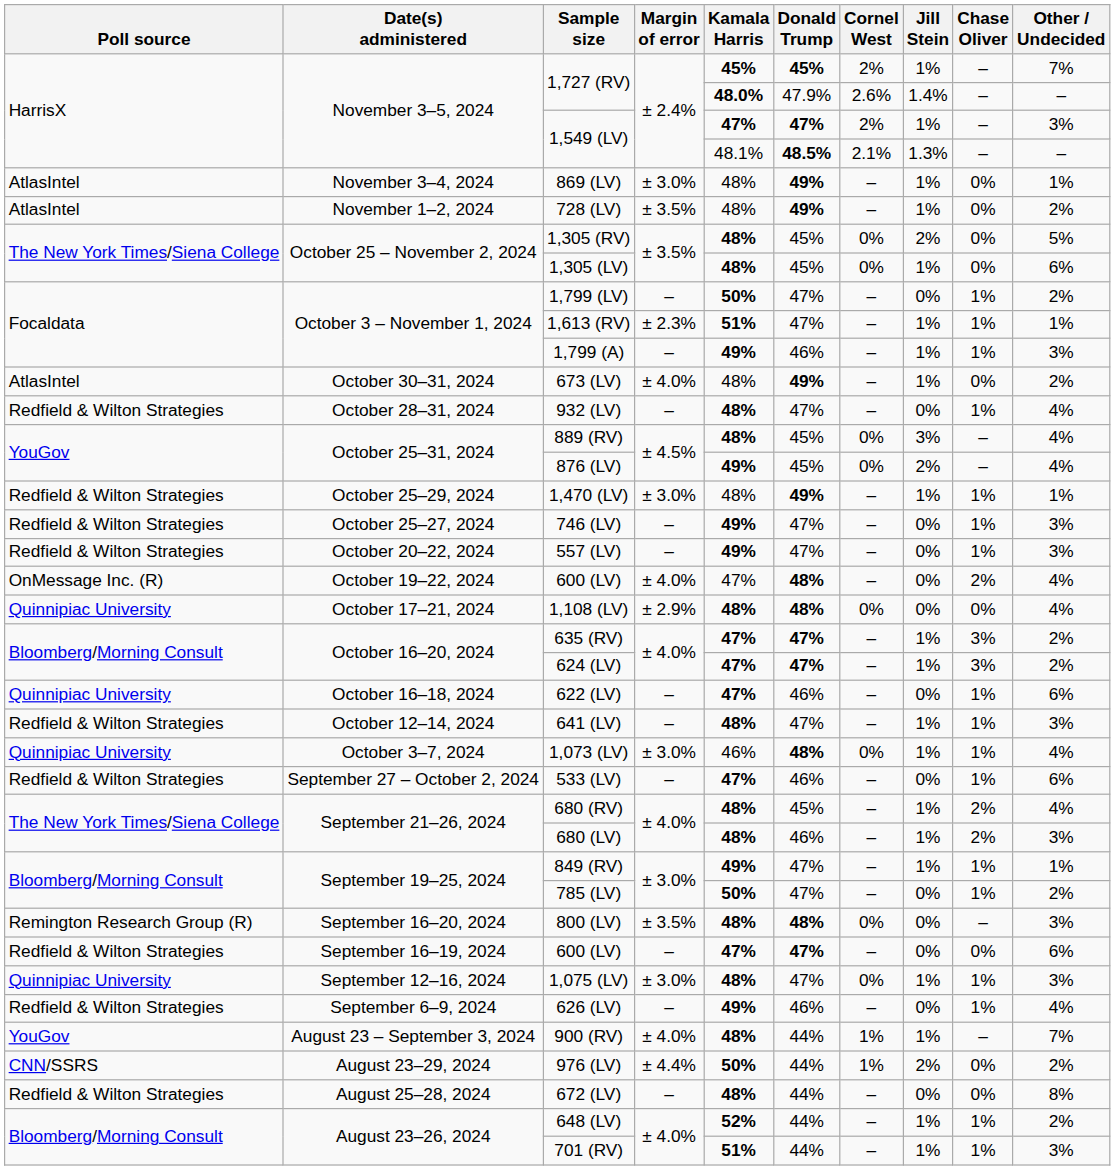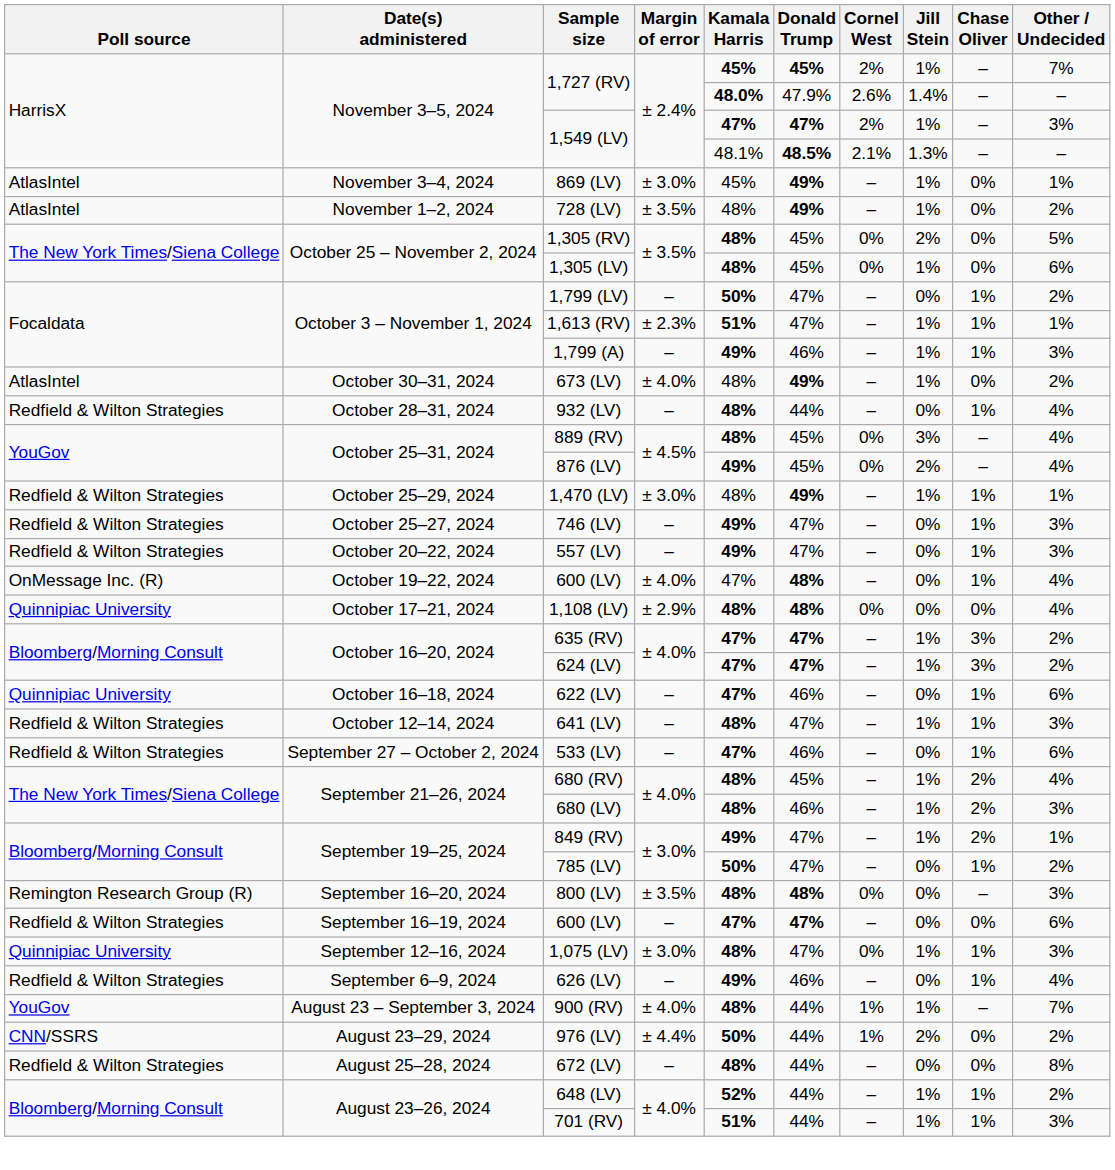 <table class="wikitable sortable mw-datatable" style="font-size:90%;text-align:center;line-height:17px">
 <tr valign=bottom>
 <th>Poll source</th>
 <th>Date(s)<br>administered</th>
 <th>Sample<br>size</th>
 <th>Margin<br>of error</th>
 <th class="unsortable">Kamala<br>Harris<br></th>
 <th class="unsortable">Donald<br>Trump<br></th>
 <th class="unsortable">Cornel<br>West<br></th>
 <th class="unsortable">Jill<br>Stein<br></th>
 <th class="unsortable">Chase<br>Oliver<br></th>
 <th class="unsortable">Other /<br>Undecided</th>
 </tr>
 <tr>
 <td style="text-align:left;" rowspan="4">HarrisX</td>
 <td rowspan="4">November 3–5, 2024</td>
 <td rowspan="2">1,727 (RV)</td>
 <td rowspan="4">± 2.4%</td>
 <td><strong>45%</strong></td>
 <td><strong>45%</strong></td>
 <td>2%</td>
 <td>1%</td>
 <td>–</td>
 <td>7%</td>
 </tr>
 <tr>
 <td style="color:black;background-color:"><strong>48.0%</strong></td>
 <td>47.9%</td>
 <td>2.6%</td>
 <td>1.4%</td>
 <td>–</td>
 <td>–</td>
 </tr>
 <tr>
 <td rowspan="2">1,549 (LV)</td>
 <td><strong>47%</strong></td>
 <td><strong>47%</strong></td>
 <td>2%</td>
 <td>1%</td>
 <td>–</td>
 <td>3%</td>
 </tr>
 <tr>
 <td>48.1%</td>
 <td style="color:black;background-color:"><strong>48.5%</strong></td>
 <td>2.1%</td>
 <td>1.3%</td>
 <td>–</td>
 <td>–</td>
 </tr>
 <tr>
 <td style="text-align:left;">AtlasIntel</td>
 <td data-sort-value="2024-11-04">November 3–4, 2024</td>
 <td>869 (LV)</td>
 <td>± 3.0%</td>
-<td>48%</td>
+<td>45%</td>
 <td style="background-color:"><strong>49%</strong></td>
 <td>–</td>
 <td>1%</td>
 <td>0%</td>
 <td>1%</td>
 </tr>
 <tr>
 <td style="text-align:left;">AtlasIntel</td>
 <td data-sort-value="2024-11-02">November 1–2, 2024</td>
 <td>728 (LV)</td>
 <td>± 3.5%</td>
 <td>48%</td>
 <td style="background-color:"><strong>49%</strong></td>
 <td>–</td>
 <td>1%</td>
 <td>0%</td>
 <td>2%</td>
 </tr>
 <tr>
 <td style="text-align:left;" rowspan="2"><a href='#'>The New York Times</a>/<a href='#'>Siena College</a></td>
 <td rowspan="2">October 25 – November 2, 2024</td>
 <td>1,305 (RV)</td>
 <td rowspan="2">± 3.5%</td>
 <td style="color:black;background-color:"><strong>48%</strong></td>
 <td>45%</td>
 <td>0%</td>
 <td>2%</td>
 <td>0%</td>
 <td>5%</td>
 </tr>
 <tr>
 <td>1,305 (LV)</td>
 <td style="color:black;background-color:"><strong>48%</strong></td>
 <td>45%</td>
 <td>0%</td>
 <td>1%</td>
 <td>0%</td>
 <td>6%</td>
 </tr>
 <tr>
 <td style="text-align:left;" rowspan="3">Focaldata</td>
 <td rowspan="3">October 3 – November 1, 2024</td>
 <td>1,799 (LV)</td>
 <td>–</td>
 <td style="background-color:"><strong>50%</strong></td>
 <td>47%</td>
 <td>–</td>
 <td>0%</td>
 <td>1%</td>
 <td>2%</td>
 </tr>
 <tr>
 <td>1,613 (RV)</td>
 <td>± 2.3%</td>
 <td style="background-color:"><strong>51%</strong></td>
 <td>47%</td>
 <td>–</td>
 <td>1%</td>
 <td>1%</td>
 <td>1%</td>
 </tr>
 <tr>
 <td>1,799 (A)</td>
 <td>–</td>
 <td style="background-color:"><strong>49%</strong></td>
 <td>46%</td>
 <td>–</td>
 <td>1%</td>
 <td>1%</td>
 <td>3%</td>
 </tr>
 <tr>
 <td style="text-align:left;">AtlasIntel</td>
 <td data-sort-value="2024-10-29">October 30–31, 2024</td>
 <td>673 (LV)</td>
 <td>± 4.0%</td>
 <td>48%</td>
 <td style="background-color:"><strong>49%</strong></td>
 <td>–</td>
 <td>1%</td>
 <td>0%</td>
 <td>2%</td>
 </tr>
 <tr>
 <td style="text-align:left;">Redfield & Wilton Strategies</td>
 <td data-sort-value="2024-10-31">October 28–31, 2024</td>
 <td>932 (LV)</td>
 <td>–</td>
 <td style="color:black;background-color:"><strong>48%</strong></td>
-<td>47%</td>
+<td>44%</td>
 <td>–</td>
 <td>0%</td>
 <td>1%</td>
 <td>4%</td>
 </tr>
 <tr>
 <td style="text-align:left;" rowspan="2"><a href='#'>YouGov</a></td>
 <td rowspan="2">October 25–31, 2024</td>
 <td>889 (RV)</td>
 <td rowspan="2">± 4.5%</td>
 <td style="color:black;background-color:"><strong>48%</strong></td>
 <td>45%</td>
 <td>0%</td>
 <td>3%</td>
 <td>–</td>
 <td>4%</td>
 </tr>
 <tr>
 <td>876 (LV)</td>
 <td style="color:black;background-color:"><strong>49%</strong></td>
 <td>45%</td>
 <td>0%</td>
 <td>2%</td>
 <td>–</td>
 <td>4%</td>
 </tr>
 <tr>
 <td style="text-align:left;">Redfield & Wilton Strategies</td>
 <td data-sort-value="2024-10-29">October 25–29, 2024</td>
 <td>1,470 (LV)</td>
 <td>± 3.0%</td>
 <td>48%</td>
 <td style="background-color:"><strong>49%</strong></td>
 <td>–</td>
 <td>1%</td>
 <td>1%</td>
 <td>1%</td>
 </tr>
 <tr>
 <td style="text-align:left;">Redfield & Wilton Strategies</td>
 <td data-sort-value="2024-10-27">October 25–27, 2024</td>
 <td>746 (LV)</td>
 <td>–</td>
 <td style="color:black;background-color:"><strong>49%</strong></td>
 <td>47%</td>
 <td>–</td>
 <td>0%</td>
 <td>1%</td>
 <td>3%</td>
 </tr>
 <tr>
 <td style="text-align:left;">Redfield & Wilton Strategies</td>
 <td data-sort-value="2024-10-22">October 20–22, 2024</td>
 <td>557 (LV)</td>
 <td>–</td>
 <td style="color:black;background-color:"><strong>49%</strong></td>
 <td>47%</td>
 <td>–</td>
 <td>0%</td>
 <td>1%</td>
 <td>3%</td>
 </tr>
 <tr>
 <td style="text-align:left;">OnMessage Inc. (R)</td>
 <td data-sort-value="2024-10-22">October 19–22, 2024</td>
 <td>600 (LV)</td>
 <td>± 4.0%</td>
 <td>47%</td>
 <td style="background-color:"><strong>48%</strong></td>
 <td>–</td>
 <td>0%</td>
-<td>2%</td>
+<td>1%</td>
 <td>4%</td>
 </tr>
 <tr>
 <td style="text-align:left;"><a href='#'>Quinnipiac University</a></td>
 <td data-sort-value="2024-10-21">October 17–21, 2024</td>
 <td>1,108 (LV)</td>
 <td>± 2.9%</td>
 <td><strong>48%</strong></td>
 <td><strong>48%</strong></td>
 <td>0%</td>
 <td>0%</td>
 <td>0%</td>
 <td>4%</td>
 </tr>
 <tr>
 <td rowspan="2" style="text-align:left;"><a href='#'>Bloomberg</a>/<a href='#'>Morning Consult</a></td>
 <td rowspan="2">October 16–20, 2024</td>
 <td>635 (RV)</td>
 <td rowspan="2">± 4.0%</td>
 <td><strong>47%</strong></td>
 <td><strong>47%</strong></td>
 <td>–</td>
 <td>1%</td>
 <td>3%</td>
 <td>2%</td>
 </tr>
 <tr>
 <td>624 (LV)</td>
 <td><strong>47%</strong></td>
 <td><strong>47%</strong></td>
 <td>–</td>
 <td>1%</td>
 <td>3%</td>
 <td>2%</td>
 </tr>
 <tr>
 <td style="text-align:left;"><a href='#'>Quinnipiac University</a></td>
 <td data-sort-value="2024-10-18">October 16–18, 2024</td>
 <td>622 (LV)</td>
 <td>–</td>
 <td style="color:black;background-color:"><strong>47%</strong></td>
 <td>46%</td>
 <td>–</td>
 <td>0%</td>
 <td>1%</td>
 <td>6%</td>
 </tr>
 <tr>
 <td style="text-align:left;">Redfield & Wilton Strategies</td>
 <td data-sort-value="2024-10-14">October 12–14, 2024</td>
 <td>641 (LV)</td>
 <td>–</td>
 <td style="color:black;background-color:"><strong>48%</strong></td>
 <td>47%</td>
 <td>–</td>
 <td>1%</td>
 <td>1%</td>
 <td>3%</td>
 </tr>
 <tr>
-<td style="text-align:left;"><a href='#'>Quinnipiac University</a></td>
-<td data-sort-value="2024-10-07">October 3–7, 2024</td>
-<td>1,073 (LV)</td>
-<td>± 3.0%</td>
-<td>46%</td>
-<td style="background-color:"><strong>48%</strong></td>
-<td>0%</td>
-<td>1%</td>
-<td>1%</td>
-<td>4%</td>
-</tr>
-<tr>
 <td style="text-align:left;">Redfield & Wilton Strategies</td>
 <td data-sort-value="2024-10-02">September 27 – October 2, 2024</td>
 <td>533 (LV)</td>
 <td>–</td>
 <td style="color:black;background-color:"><strong>47%</strong></td>
 <td>46%</td>
 <td>–</td>
 <td>0%</td>
 <td>1%</td>
 <td>6%</td>
 </tr>
 <tr>
 <td style="text-align:left;" rowspan="2"><a href='#'>The New York Times</a>/<a href='#'>Siena College</a></td>
 <td rowspan="2">September 21–26, 2024</td>
 <td>680 (RV)</td>
 <td rowspan="2">± 4.0%</td>
 <td style="color:black;background-color:"><strong>48%</strong></td>
 <td>45%</td>
 <td>–</td>
 <td>1%</td>
 <td>2%</td>
 <td>4%</td>
 </tr>
 <tr>
 <td>680 (LV)</td>
 <td style="color:black;background-color:"><strong>48%</strong></td>
 <td>46%</td>
 <td>–</td>
 <td>1%</td>
 <td>2%</td>
 <td>3%</td>
 </tr>
 <tr>
 <td rowspan="2" style="text-align:left;"><a href='#'>Bloomberg</a>/<a href='#'>Morning Consult</a></td>
 <td rowspan="2">September 19–25, 2024</td>
 <td>849 (RV)</td>
 <td rowspan="2">± 3.0%</td>
 <td style="color:black;background-color:"><strong>49%</strong></td>
 <td>47%</td>
 <td>–</td>
 <td>1%</td>
-<td>1%</td>
+<td>2%</td>
 <td>1%</td>
 </tr>
 <tr>
 <td>785 (LV)</td>
 <td style="color:black;background-color:"><strong>50%</strong></td>
 <td>47%</td>
 <td>–</td>
 <td>0%</td>
 <td>1%</td>
 <td>2%</td>
 </tr>
 <tr>
 <td style="text-align:left;">Remington Research Group (R)</td>
 <td data-sort-value="2024-09-20">September 16–20, 2024</td>
 <td>800 (LV)</td>
 <td>± 3.5%</td>
 <td><strong>48%</strong></td>
 <td><strong>48%</strong></td>
 <td>0%</td>
 <td>0%</td>
 <td>–</td>
 <td>3%</td>
 </tr>
 <tr>
 <td style="text-align:left;">Redfield & Wilton Strategies</td>
 <td data-sort-value="2024-09-19">September 16–19, 2024</td>
 <td>600 (LV)</td>
 <td>–</td>
 <td><strong>47%</strong></td>
 <td><strong>47%</strong></td>
 <td>–</td>
 <td>0%</td>
 <td>0%</td>
 <td>6%</td>
 </tr>
 <tr>
 <td style="text-align:left;"><a href='#'>Quinnipiac University</a></td>
 <td data-sort-value="2024-09-16">September 12–16, 2024</td>
 <td>1,075 (LV)</td>
 <td>± 3.0%</td>
 <td style="color:black;background-color:"><strong>48%</strong></td>
 <td>47%</td>
 <td>0%</td>
 <td>1%</td>
 <td>1%</td>
 <td>3%</td>
 </tr>
 <tr>
 <td style="text-align:left;">Redfield & Wilton Strategies</td>
 <td data-sort-value="2024-09-6">September 6–9, 2024</td>
 <td>626 (LV)</td>
 <td>–</td>
 <td style="color:black;background-color:"><strong>49%</strong></td>
 <td>46%</td>
 <td>–</td>
 <td>0%</td>
 <td>1%</td>
 <td>4%</td>
 </tr>
 <tr>
 <td style="text-align:left;"><a href='#'>YouGov</a></td>
 <td data-sort-value="2024-09-03">August 23 – September 3, 2024</td>
 <td>900 (RV)</td>
 <td>± 4.0%</td>
 <td style="color:black;background-color:"><strong>48%</strong></td>
 <td>44%</td>
 <td>1%</td>
 <td>1%</td>
 <td>–</td>
 <td>7%</td>
 </tr>
 <tr>
 <td style="text-align:left;"><a href='#'>CNN</a>/SSRS</td>
 <td data-sort-value="2024-08-29">August 23–29, 2024</td>
 <td>976 (LV)</td>
 <td>± 4.4%</td>
 <td style="color:black;background-color:"><strong>50%</strong></td>
 <td>44%</td>
 <td>1%</td>
 <td>2%</td>
 <td>0%</td>
 <td>2%</td>
 </tr>
 <tr>
 <td style="text-align:left;">Redfield & Wilton Strategies</td>
 <td data-sort-value="2024-08-28">August 25–28, 2024</td>
 <td>672 (LV)</td>
 <td>–</td>
 <td style="color:black;background-color:"><strong>48%</strong></td>
 <td>44%</td>
 <td>–</td>
 <td>0%</td>
 <td>0%</td>
 <td>8%</td>
 </tr>
 <tr>
 <td rowspan="2" style="text-align:left;"><a href='#'>Bloomberg</a>/<a href='#'>Morning Consult</a></td>
 <td rowspan="2">August 23–26, 2024</td>
 <td>648 (LV)</td>
 <td rowspan="2">± 4.0%</td>
 <td style="color:black;background-color:"><strong>52%</strong></td>
 <td>44%</td>
 <td>–</td>
 <td>1%</td>
 <td>1%</td>
 <td>2%</td>
 </tr>
 <tr>
 <td>701 (RV)</td>
 <td style="color:black;background-color:"><strong>51%</strong></td>
 <td>44%</td>
 <td>–</td>
 <td>1%</td>
 <td>1%</td>
 <td>3%</td>
 </tr>
 </table>
